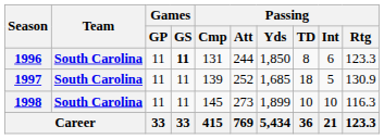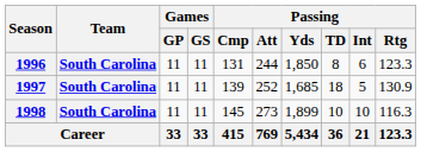 <table class=wikitable style="text-align:center;">
 <tr>
 <th rowspan="2">Season</th>
 <th rowspan="2">Team</th>
 <th colspan="2">Games</th>
 <th colspan="6">Passing</th>
 </tr>
 <tr>
 <th>GP</th>
 <th>GS</th>
 <th>Cmp</th>
 <th>Att</th>
 <th>Yds</th>
 <th>TD</th>
 <th>Int</th>
 <th>Rtg</th>
 </tr>
 <tr>
 <th><a href='#'>1996</a></th>
 <th><a href='#'>South Carolina</a></th>
 <td>11</td>
-<td><strong>11</strong></td>
+<td>11</td>
 <td>131</td>
 <td>244</td>
 <td>1,850</td>
 <td>8</td>
 <td>6</td>
 <td>123.3</td>
 </tr>
 <tr>
 <th><a href='#'>1997</a></th>
 <th><a href='#'>South Carolina</a></th>
 <td>11</td>
 <td>11</td>
 <td>139</td>
 <td>252</td>
 <td>1,685</td>
 <td>18</td>
 <td>5</td>
 <td>130.9</td>
 </tr>
 <tr>
 <th><a href='#'>1998</a></th>
 <th><a href='#'>South Carolina</a></th>
 <td>11</td>
 <td>11</td>
 <td>145</td>
 <td>273</td>
 <td>1,899</td>
 <td>10</td>
 <td>10</td>
 <td>116.3</td>
 </tr>
 <tr>
 <th colspan="2">Career</th>
 <th>33</th>
 <th>33</th>
 <th>415</th>
 <th>769</th>
 <th>5,434</th>
 <th>36</th>
 <th>21</th>
 <th>123.3</th>
 </tr>
 </table>
